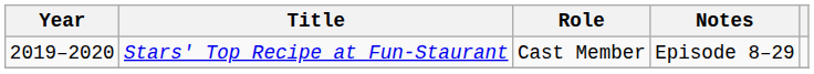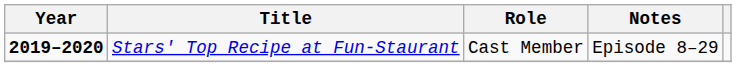 <table class="wikitable sortable">
 <tr>
 <th>Year</th>
 <th>Title</th>
 <th>Role</th>
 <th>Notes</th>
 <th scope="col" class="unsortable"></th>
 </tr>
 <tr>
-<td>2019–2020</td>
+<td><strong>2019–2020</strong></td>
 <td><em><a href='#'>Stars' Top Recipe at Fun-Staurant</a></em></td>
 <td>Cast Member</td>
 <td>Episode 8–29</td>
 <td></td>
 </tr>
 <tr>
 </tr>
 </table>
